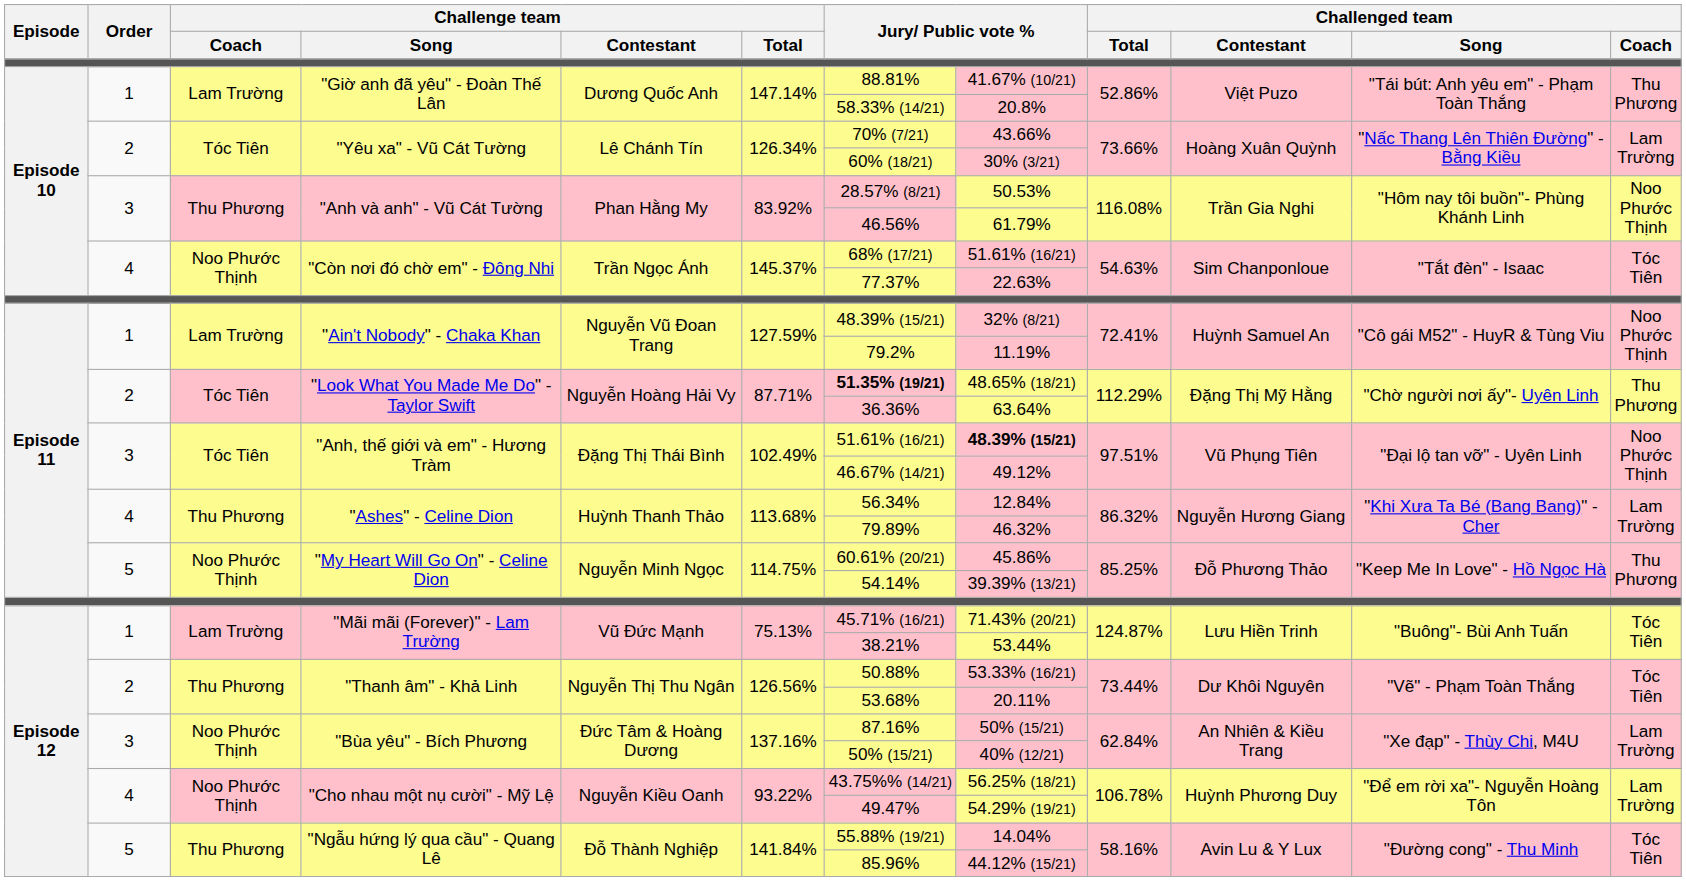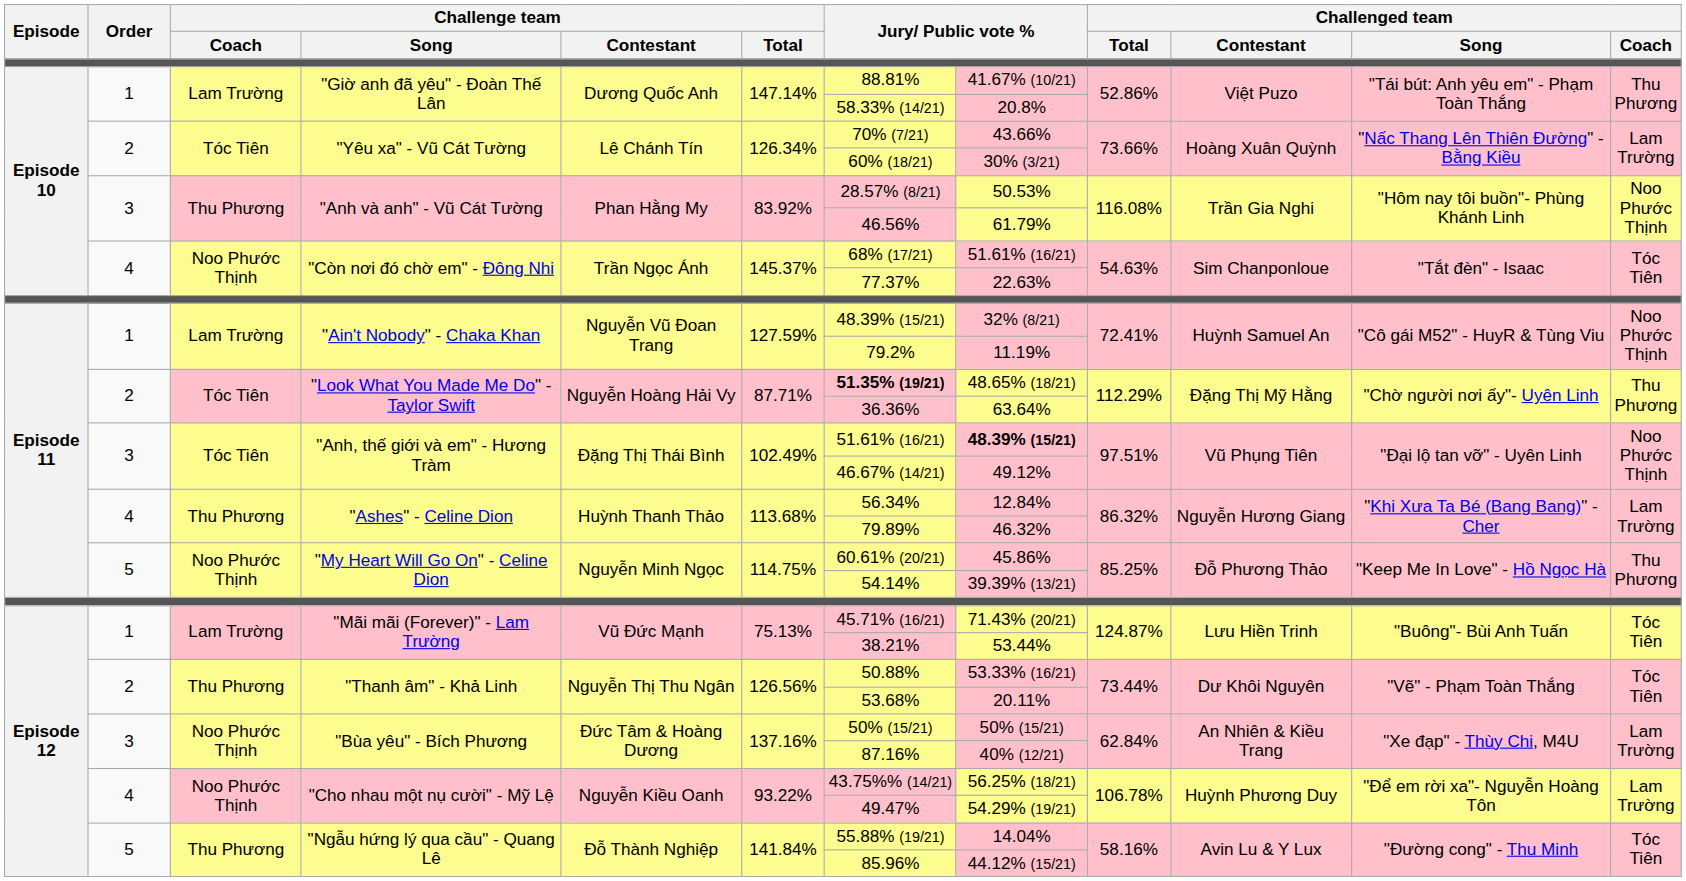 <table class="wikitable" style="text-align:center">
 <tr>
 <th rowspan="2" style="width:05%;">Episode</th>
 <th rowspan="2" style="width:05%;">Order</th>
 <th colspan="4">Challenge team</th>
 <th rowspan="2" colspan="2" style="width:10%;">Jury/ Public vote %</th>
 <th colspan="4">Challenged team</th>
 </tr>
 <tr>
 <th style="width:08%;">Coach</th>
 <th style="width:16%;">Song</th>
 <th style="width:11%;">Contestant</th>
 <th style="width:5%;">Total</th>
 <th style="width:5%;">Total</th>
 <th style="width:11%;">Contestant</th>
 <th style="width:16%;">Song</th>
 <th style="width:08%;">Coach</th>
 </tr>
 <tr>
 <td colspan="12" style="background:#555;"></td>
 </tr>
 <tr>
 <th rowspan="8" scope="row">Episode 10<br><small></small></th>
 <td rowspan="2">1</td>
 <td bgcolor="#fdfc8f" rowspan="2">Lam Trường</td>
 <td bgcolor="#fdfc8f" rowspan="2">"Giờ anh đã yêu" - Đoàn Thế Lân</td>
 <td bgcolor="#fdfc8f" rowspan="2">Dương Quốc Anh</td>
 <td bgcolor="#fdfc8f" rowspan="2">147.14%</td>
 <td bgcolor="#fdfc8f">88.81%</td>
 <td width="8%" bgcolor="pink">41.67% <small>(10/21)</small></td>
 <td bgcolor="pink" rowspan="2">52.86%</td>
 <td bgcolor="pink" rowspan="2">Việt Puzo</td>
 <td bgcolor="pink" rowspan="2">"Tái bút: Anh yêu em" - Phạm Toàn Thắng</td>
 <td bgcolor="pink" rowspan="2">Thu Phương</td>
 </tr>
 <tr>
 <td width="8%" bgcolor="#fdfc8f">58.33% <small>(14/21)</small></td>
 <td bgcolor="pink">20.8%</td>
 </tr>
 <tr>
 <td rowspan="2">2</td>
 <td bgcolor="#fdfc8f" rowspan="2">Tóc Tiên</td>
 <td bgcolor="#fdfc8f" rowspan="2">"Yêu xa" - Vũ Cát Tường</td>
 <td bgcolor="#fdfc8f" rowspan="2">Lê Chánh Tín</td>
 <td bgcolor="#fdfc8f" rowspan="2">126.34%</td>
 <td width="8%" bgcolor="#fdfc8f">70% <small>(7/21)</small></td>
 <td bgcolor="pink">43.66%</td>
 <td bgcolor="pink" rowspan="2">73.66%</td>
 <td bgcolor="pink" rowspan="2">Hoàng Xuân Quỳnh</td>
 <td bgcolor="pink" rowspan="2">"<a href='#'>Nấc Thang Lên Thiên Đường</a>" - <a href='#'>Bằng Kiều</a></td>
 <td bgcolor="pink" rowspan="2">Lam Trường</td>
 </tr>
 <tr>
 <td width="8%" bgcolor="#fdfc8f">60% <small>(18/21)</small></td>
 <td width="8%" bgcolor="pink">30% <small>(3/21)</small></td>
 </tr>
 <tr>
 <td rowspan="2">3</td>
 <td bgcolor="pink" rowspan="2">Thu Phương</td>
 <td bgcolor="pink" rowspan="2">"Anh và anh" - Vũ Cát Tường</td>
 <td bgcolor="pink" rowspan="2">Phan Hằng My</td>
 <td bgcolor="pink" rowspan="2">83.92%</td>
 <td width="8%" bgcolor="pink">28.57% <small>(8/21)</small></td>
 <td bgcolor="#fdfc8f">50.53%</td>
 <td bgcolor="#fdfc8f" rowspan="2">116.08%</td>
 <td bgcolor="#fdfc8f" bgcolor="#fdfc8f" rowspan="2">Trần Gia Nghi</td>
 <td bgcolor="#fdfc8f" rowspan="2">"Hôm nay tôi buồn"- Phùng Khánh Linh</td>
 <td bgcolor="#fdfc8f" rowspan="2">Noo Phước Thịnh</td>
 </tr>
 <tr>
 <td bgcolor="pink">46.56%</td>
 <td bgcolor="#fdfc8f">61.79%</td>
 </tr>
 <tr>
 <td rowspan="2">4</td>
 <td bgcolor="#fdfc8f" rowspan="2">Noo Phước Thịnh</td>
 <td bgcolor="#fdfc8f" rowspan="2">"Còn nơi đó chờ em" - <a href='#'>Đông Nhi</a></td>
 <td bgcolor="#fdfc8f" rowspan="2">Trần Ngọc Ánh</td>
 <td bgcolor="#fdfc8f" rowspan="2">145.37%</td>
 <td width="8%" bgcolor="#fdfc8f">68% <small>(17/21)</small></td>
 <td width="8%" bgcolor="pink">51.61% <small>(16/21)</small></td>
 <td bgcolor="pink" rowspan="2">54.63%</td>
 <td bgcolor="pink" rowspan="2">Sim Chanponloue</td>
 <td bgcolor="pink" rowspan="2">"Tắt đèn" - Isaac</td>
 <td bgcolor="pink" rowspan="2">Tóc Tiên</td>
 </tr>
 <tr>
 <td bgcolor="#fdfc8f">77.37%</td>
 <td bgcolor="pink">22.63%</td>
 </tr>
 <tr>
 <td colspan="12" style="background:#555;"></td>
 </tr>
 <tr>
 <th rowspan="10" scope="row">Episode 11<br><small></small></th>
 <td rowspan="2">1</td>
 <td bgcolor="#fdfc8f" rowspan="2">Lam Trường</td>
 <td bgcolor="#fdfc8f" rowspan="2">"<a href='#'>Ain't Nobody</a>" - <a href='#'>Chaka Khan</a></td>
 <td bgcolor="#fdfc8f" rowspan="2">Nguyễn Vũ Đoan Trang</td>
 <td bgcolor="#fdfc8f" rowspan="2">127.59%</td>
 <td width="8%" bgcolor="#fdfc8f">48.39% <small>(15/21)</small></td>
 <td width="8%" bgcolor="pink">32% <small>(8/21)</small></td>
 <td bgcolor="pink" rowspan="2">72.41%</td>
 <td bgcolor="pink" rowspan="2">Huỳnh Samuel An</td>
 <td bgcolor="pink" rowspan="2">"Cô gái M52" - HuyR & Tùng Viu</td>
 <td bgcolor="pink" rowspan="2">Noo Phước Thịnh</td>
 </tr>
 <tr>
 <td bgcolor="#fdfc8f">79.2%</td>
 <td bgcolor="pink">11.19%</td>
 </tr>
 <tr>
 <td rowspan="2">2</td>
 <td bgcolor="pink" rowspan="2">Tóc Tiên</td>
 <td bgcolor="pink" rowspan="2">"<a href='#'>Look What You Made Me Do</a>" - <a href='#'>Taylor Swift</a></td>
 <td bgcolor="pink" rowspan="2">Nguyễn Hoàng Hải Vy</td>
 <td bgcolor="pink" rowspan="2">87.71%</td>
 <td width="8%" bgcolor="pink"><strong>51.35% <small>(19/21)</small></strong></td>
 <td width="8%" bgcolor="#fdfc8f">48.65% <small>(18/21)</small></td>
 <td bgcolor="#fdfc8f" rowspan="2">112.29%</td>
 <td bgcolor="#fdfc8f" bgcolor="#fdfc8f" rowspan="2">Đặng Thị Mỹ Hằng</td>
 <td bgcolor="#fdfc8f" rowspan="2">"Chờ người nơi ấy"- <a href='#'>Uyên Linh</a></td>
 <td bgcolor="#fdfc8f" rowspan="2">Thu Phương</td>
 </tr>
 <tr>
 <td bgcolor="pink">36.36%</td>
 <td bgcolor="#fdfc8f">63.64%</td>
 </tr>
 <tr>
 <td rowspan="2">3</td>
 <td bgcolor="#fdfc8f" rowspan="2">Tóc Tiên</td>
 <td bgcolor="#fdfc8f" rowspan="2">"Anh, thế giới và em" - Hương Tràm</td>
 <td bgcolor="#fdfc8f" rowspan="2">Đặng Thị Thái Bình</td>
 <td bgcolor="#fdfc8f" rowspan="2">102.49%</td>
 <td width="8%" bgcolor="#fdfc8f">51.61% <small>(16/21)</small></td>
 <td width="8%" bgcolor="pink"><strong>48.39% <small>(15/21)</small></strong></td>
 <td bgcolor="pink" rowspan="2">97.51%</td>
 <td bgcolor="pink" rowspan="2">Vũ Phụng Tiên</td>
 <td bgcolor="pink" rowspan="2">"Đại lộ tan vỡ" - Uyên Linh</td>
 <td bgcolor="pink" rowspan="2">Noo Phước Thịnh</td>
 </tr>
 <tr>
 <td width="8%" bgcolor="#fdfc8f">46.67% <small>(14/21)</small></td>
 <td bgcolor="pink">49.12%</td>
 </tr>
 <tr>
 <td rowspan="2">4</td>
 <td bgcolor="#fdfc8f" rowspan="2">Thu Phương</td>
 <td bgcolor="#fdfc8f" rowspan="2">"<a href='#'>Ashes</a>" - <a href='#'>Celine Dion</a></td>
 <td bgcolor="#fdfc8f" rowspan="2">Huỳnh Thanh Thảo</td>
 <td bgcolor="#fdfc8f" rowspan="2">113.68%</td>
 <td bgcolor="#fdfc8f">56.34%</td>
 <td bgcolor="pink">12.84%</td>
 <td bgcolor="pink" rowspan="2">86.32%</td>
 <td bgcolor="pink" rowspan="2">Nguyễn Hương Giang</td>
 <td bgcolor="pink" rowspan="2">"<a href='#'>Khi Xưa Ta Bé (Bang Bang)</a>" - <a href='#'>Cher</a></td>
 <td bgcolor="pink" rowspan="2">Lam Trường</td>
 </tr>
 <tr>
 <td bgcolor="#fdfc8f">79.89%</td>
 <td bgcolor="pink">46.32%</td>
 </tr>
 <tr>
 <td rowspan="2">5</td>
 <td bgcolor="#fdfc8f" rowspan="2">Noo Phước Thịnh</td>
 <td bgcolor="#fdfc8f" rowspan="2">"<a href='#'>My Heart Will Go On</a>" - <a href='#'>Celine Dion</a></td>
 <td bgcolor="#fdfc8f" rowspan="2">Nguyễn Minh Ngọc</td>
 <td bgcolor="#fdfc8f" rowspan="2">114.75%</td>
 <td width="8%" bgcolor="#fdfc8f">60.61% <small>(20/21)</small></td>
 <td bgcolor="pink">45.86%</td>
 <td bgcolor="pink" rowspan="2">85.25%</td>
 <td bgcolor="pink" rowspan="2">Đỗ Phương Thảo</td>
 <td bgcolor="pink" rowspan="2">"Keep Me In Love" - <a href='#'>Hồ Ngọc Hà</a></td>
 <td bgcolor="pink" rowspan="2">Thu Phương</td>
 </tr>
 <tr>
 <td bgcolor="#fdfc8f">54.14%</td>
 <td width="8%" bgcolor="pink">39.39% <small>(13/21)</small></td>
 </tr>
 <tr>
 <td colspan="12" style="background:#555;"></td>
 </tr>
 <tr>
 <th rowspan="10" scope="row">Episode 12<br><small></small></th>
 <td rowspan="2">1</td>
 <td bgcolor="pink" rowspan="2">Lam Trường</td>
 <td bgcolor="pink" rowspan="2">"Mãi mãi (Forever)" - <a href='#'>Lam Trường</a></td>
 <td bgcolor="pink" rowspan="2">Vũ Đức Mạnh</td>
 <td bgcolor="pink" rowspan="2">75.13%</td>
 <td width="8%" bgcolor="pink">45.71% <small>(16/21)</small></td>
 <td width="8%" bgcolor="#fdfc8f">71.43% <small>(20/21)</small></td>
 <td bgcolor="#fdfc8f" rowspan="2">124.87%</td>
 <td bgcolor="#fdfc8f" bgcolor="#fdfc8f" rowspan="2">Lưu Hiền Trinh</td>
 <td bgcolor="#fdfc8f" rowspan="2">"Buông"- Bùi Anh Tuấn</td>
 <td bgcolor="#fdfc8f" rowspan="2">Tóc Tiên</td>
 </tr>
 <tr>
 <td bgcolor="pink">38.21%</td>
 <td bgcolor="#fdfc8f">53.44%</td>
 </tr>
 <tr>
 <td rowspan="2">2</td>
 <td bgcolor="#fdfc8f" rowspan="2">Thu Phương</td>
 <td bgcolor="#fdfc8f" rowspan="2">"Thanh âm" - Khả Linh</td>
 <td bgcolor="#fdfc8f" rowspan="2">Nguyễn Thị Thu Ngân</td>
 <td bgcolor="#fdfc8f" rowspan="2">126.56%</td>
 <td bgcolor="#fdfc8f">50.88%</td>
 <td width="8%" bgcolor="pink">53.33% <small>(16/21)</small></td>
 <td bgcolor="pink" rowspan="2">73.44%</td>
 <td bgcolor="pink" rowspan="2">Dư Khôi Nguyên</td>
 <td bgcolor="pink" rowspan="2">"Vẽ" - Phạm Toàn Thắng</td>
 <td bgcolor="pink" rowspan="2">Tóc Tiên</td>
 </tr>
 <tr>
 <td bgcolor="#fdfc8f">53.68%</td>
 <td bgcolor="pink">20.11%</td>
 </tr>
 <tr>
 <td rowspan="2">3</td>
 <td bgcolor="#fdfc8f" rowspan="2">Noo Phước Thịnh</td>
 <td bgcolor="#fdfc8f" rowspan="2">"Bùa yêu" - Bích Phương</td>
 <td bgcolor="#fdfc8f" rowspan="2">Đức Tâm & Hoàng Dương</td>
 <td bgcolor="#fdfc8f" rowspan="2">137.16%</td>
-<td bgcolor="#fdfc8f">87.16%</td>
+<td width="8%" bgcolor="#fdfc8f">50% <small>(15/21)</small></td>
 <td width="8%" bgcolor="pink">50% <small>(15/21)</small></td>
 <td bgcolor="pink" rowspan="2">62.84%</td>
 <td bgcolor="pink" rowspan="2">An Nhiên & Kiều Trang</td>
 <td bgcolor="pink" rowspan="2">"Xe đạp" - <a href='#'>Thùy Chi</a>, M4U</td>
 <td bgcolor="pink" rowspan="2">Lam Trường</td>
 </tr>
 <tr>
-<td width="8%" bgcolor="#fdfc8f">50% <small>(15/21)</small></td>
+<td bgcolor="#fdfc8f">87.16%</td>
 <td width="8%" bgcolor="pink">40% <small>(12/21)</small></td>
 </tr>
 <tr>
 <td rowspan="2">4</td>
 <td bgcolor="pink" rowspan="2">Noo Phước Thịnh</td>
 <td bgcolor="pink" rowspan="2">"Cho nhau một nụ cười" - Mỹ Lệ</td>
 <td bgcolor="pink" rowspan="2">Nguyễn Kiều Oanh</td>
 <td bgcolor="pink" rowspan="2">93.22%</td>
 <td width="8%" bgcolor="pink">43.75%% <small>(14/21)</small></td>
 <td width="8%" bgcolor="#fdfc8f">56.25% <small>(18/21)</small></td>
 <td bgcolor="#fdfc8f" rowspan="2">106.78%</td>
 <td bgcolor="#fdfc8f" bgcolor="#fdfc8f" rowspan="2">Huỳnh Phương Duy</td>
 <td bgcolor="#fdfc8f" rowspan="2">"Để em rời xa"- Nguyễn Hoàng Tôn</td>
 <td bgcolor="#fdfc8f" rowspan="2">Lam Trường</td>
 </tr>
 <tr>
 <td bgcolor="pink">49.47%</td>
 <td width="8%" bgcolor="#fdfc8f">54.29% <small>(19/21)</small></td>
 </tr>
 <tr>
 <td rowspan="2">5</td>
 <td bgcolor="#fdfc8f" rowspan="2">Thu Phương</td>
 <td bgcolor="#fdfc8f" rowspan="2">"Ngẫu hứng lý qua cầu" - Quang Lê</td>
 <td bgcolor="#fdfc8f" rowspan="2">Đỗ Thành Nghiệp</td>
 <td bgcolor="#fdfc8f" rowspan="2">141.84%</td>
 <td width="8%" bgcolor="#fdfc8f">55.88% <small>(19/21)</small></td>
 <td bgcolor="pink">14.04%</td>
 <td bgcolor="pink" rowspan="2">58.16%</td>
 <td bgcolor="pink" rowspan="2">Avin Lu & Y Lux</td>
 <td bgcolor="pink" rowspan="2">"Đường cong" - <a href='#'>Thu Minh</a></td>
 <td bgcolor="pink" rowspan="2">Tóc Tiên</td>
 </tr>
 <tr>
 <td bgcolor="#fdfc8f">85.96%</td>
 <td width="8%" bgcolor="pink">44.12% <small>(15/21)</small></td>
 </tr>
 <tr>
 </tr>
 </table>
